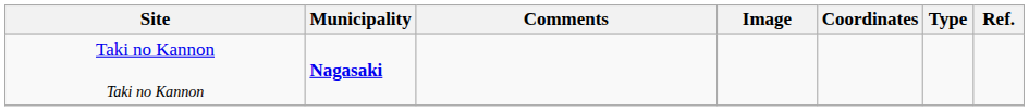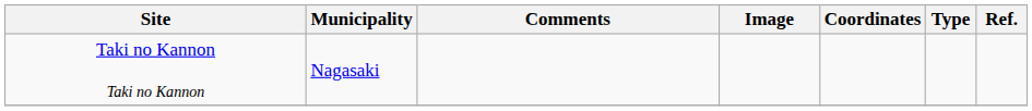 <table class="wikitable sortable"  style="width:100%;">
 <tr>
 <th width="30%" align="left">Site</th>
 <th width="10%" align="left">Municipality</th>
 <th width="30%" align="left" class="unsortable">Comments</th>
 <th width="10%" align="left"  class="unsortable">Image</th>
 <th width="10%" align="left" class="unsortable">Coordinates</th>
 <th width="5%" align="left">Type</th>
 <th width="5%" align="left"  class="unsortable">Ref.</th>
 </tr>
 <tr>
 <td align="center"><a href='#'>Taki no Kannon</a><br><br><small><em>Taki no Kannon</em></small></td>
-<td><strong><a href='#'>Nagasaki</a></strong></td>
+<td><a href='#'>Nagasaki</a></td>
 <td></td>
 <td></td>
 <td></td>
 <td></td>
 <td></td>
 </tr>
 <tr>
 </tr>
 </table>
